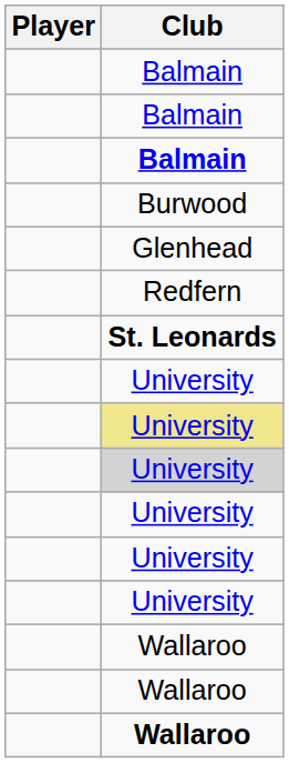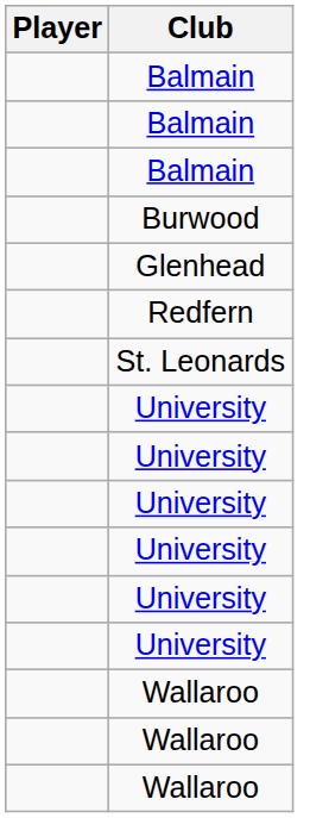 <table class="wikitable sortable" style="text-align:center;font-size:100%;">
 <tr>
 <th>Player</th>
 <th>Club</th>
 </tr>
 <tr>
 <td></td>
 <td><a href='#'>Balmain</a></td>
 </tr>
 <tr>
 <td></td>
 <td><a href='#'>Balmain</a></td>
 </tr>
 <tr>
 <td></td>
-<td><strong><a href='#'>Balmain</a></strong></td>
+<td><a href='#'>Balmain</a></td>
 </tr>
 <tr>
 <td></td>
 <td>Burwood</td>
 </tr>
 <tr>
 <td></td>
 <td>Glenhead</td>
 </tr>
 <tr>
 <td></td>
 <td>Redfern</td>
 </tr>
 <tr>
 <td></td>
-<td><strong>St. Leonards</strong></td>
+<td>St. Leonards</td>
 </tr>
 <tr>
 <td></td>
 <td><a href='#'>University</a></td>
 </tr>
 <tr>
 <td></td>
-<td style="background: khaki;"><a href='#'>University</a></td>
+<td><a href='#'>University</a></td>
 </tr>
 <tr>
 <td></td>
-<td style="background: lightgrey;"><a href='#'>University</a> </td>
+<td><a href='#'>University</a> </td>
 </tr>
 <tr>
 <td></td>
 <td><a href='#'>University</a></td>
 </tr>
 <tr>
 <td></td>
 <td><a href='#'>University</a></td>
 </tr>
 <tr>
 <td></td>
 <td><a href='#'>University</a> </td>
 </tr>
 <tr>
 <td></td>
 <td>Wallaroo</td>
 </tr>
 <tr>
 <td></td>
 <td>Wallaroo </td>
 </tr>
 <tr>
 <td></td>
-<td><strong>Wallaroo</strong></td>
+<td>Wallaroo</td>
 </tr>
 </table>
